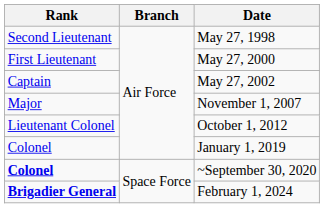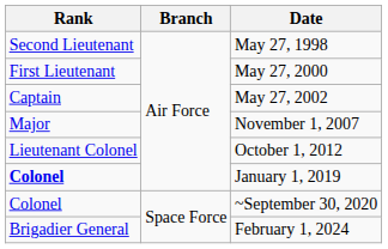 <table class="wikitable">
 <tr>
 <th>Rank</th>
 <th>Branch</th>
 <th>Date</th>
 </tr>
 <tr>
 <td> <a href='#'>Second Lieutenant</a></td>
 <td rowspan=6>Air Force</td>
 <td>May 27, 1998</td>
 </tr>
 <tr>
 <td> <a href='#'>First Lieutenant</a></td>
 <td>May 27, 2000</td>
 </tr>
 <tr>
 <td> <a href='#'>Captain</a></td>
 <td>May 27, 2002</td>
 </tr>
 <tr>
 <td> <a href='#'>Major</a></td>
 <td>November 1, 2007</td>
 </tr>
 <tr>
 <td> <a href='#'>Lieutenant Colonel</a></td>
 <td>October 1, 2012</td>
 </tr>
 <tr>
-<td> <a href='#'>Colonel</a></td>
+<td><strong> <a href='#'>Colonel</a></strong></td>
 <td>January 1, 2019</td>
 </tr>
 <tr>
-<td><strong> <a href='#'>Colonel</a></strong></td>
+<td> <a href='#'>Colonel</a></td>
 <td rowspan=2>Space Force</td>
 <td>~September 30, 2020</td>
 </tr>
 <tr>
-<td><strong> <a href='#'>Brigadier General</a></strong></td>
+<td> <a href='#'>Brigadier General</a></td>
 <td>February 1, 2024</td>
 </tr>
 </table>
